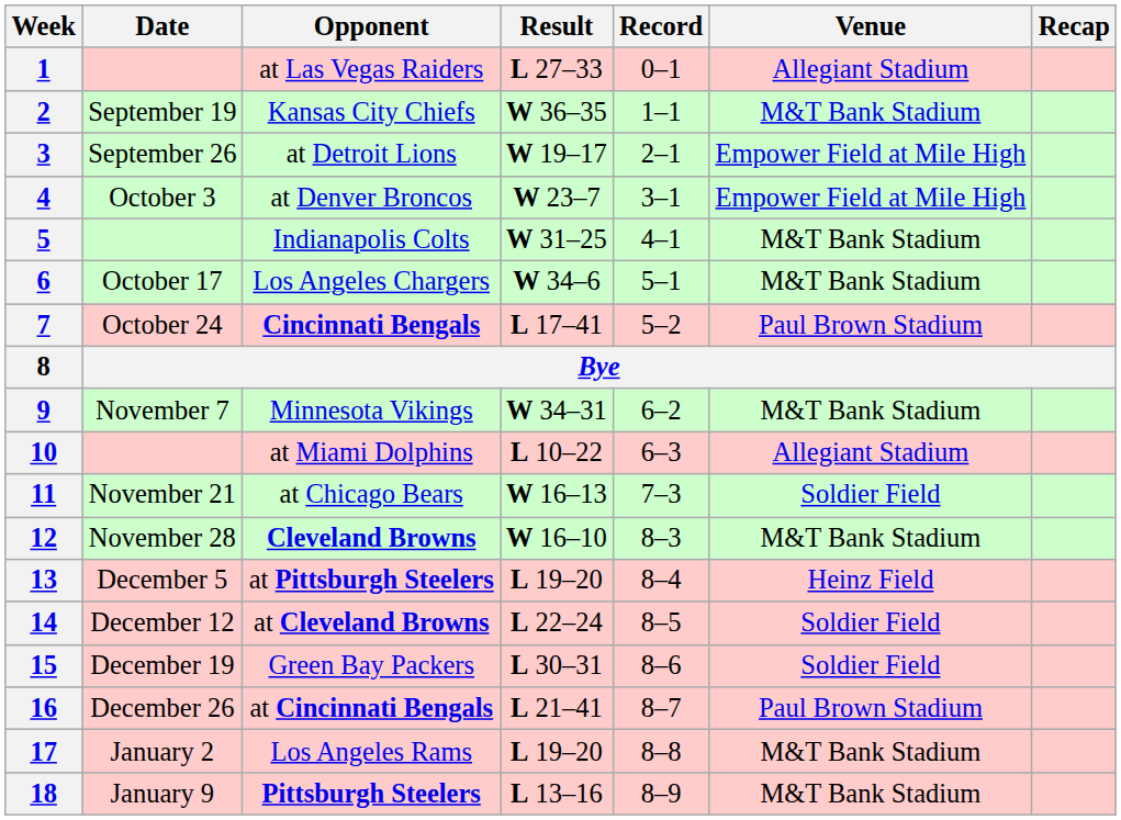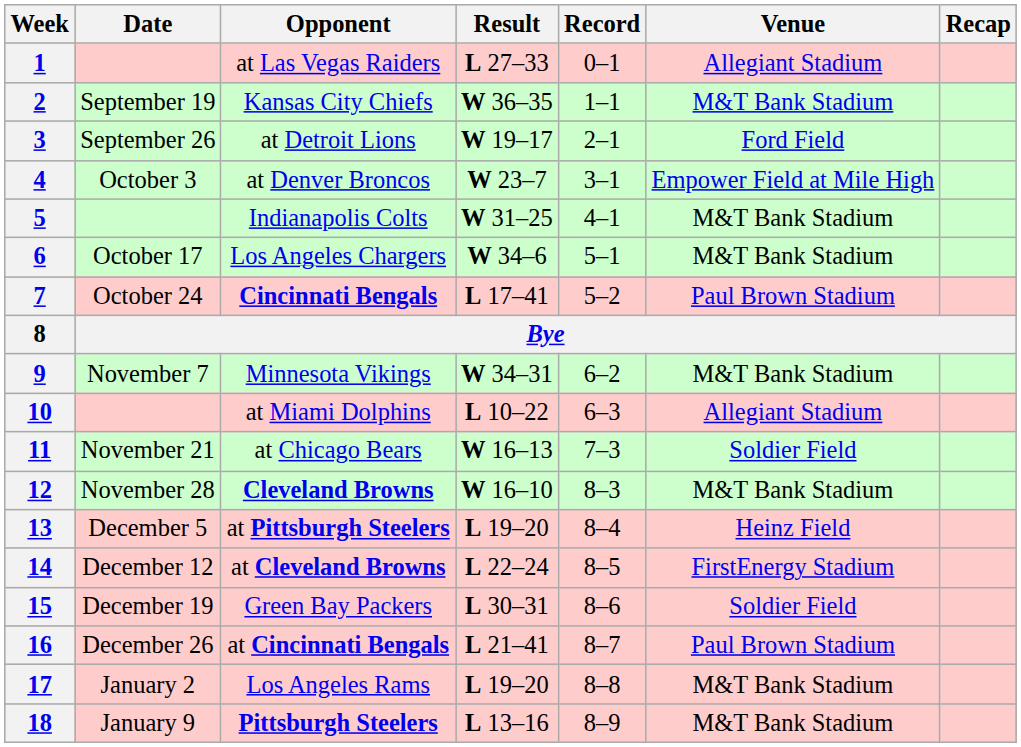 <table class="wikitable" style="text-align:center">
 <tr>
 <th>Week</th>
 <th>Date</th>
 <th>Opponent</th>
 <th>Result</th>
 <th>Record</th>
 <th>Venue</th>
 <th>Recap</th>
 </tr>
 <tr style="background:#fcc">
 <th><a href='#'>1</a></th>
 <td></td>
 <td>at <a href='#'>Las Vegas Raiders</a></td>
 <td><strong>L</strong> 27–33 </td>
 <td>0–1</td>
 <td><a href='#'>Allegiant Stadium</a></td>
 <td></td>
 </tr>
 <tr style="background:#cfc">
 <th><a href='#'>2</a></th>
 <td>September 19</td>
 <td><a href='#'>Kansas City Chiefs</a></td>
 <td><strong>W</strong> 36–35</td>
 <td>1–1</td>
 <td><a href='#'>M&T Bank Stadium</a></td>
 <td></td>
 </tr>
 <tr style="background:#cfc">
 <th><a href='#'>3</a></th>
 <td>September 26</td>
 <td>at <a href='#'>Detroit Lions</a></td>
 <td><strong>W</strong> 19–17</td>
 <td>2–1</td>
-<td><a href='#'>Empower Field at Mile High</a></td>
+<td><a href='#'>Ford Field</a></td>
 <td></td>
 </tr>
 <tr style="background:#cfc">
 <th><a href='#'>4</a></th>
 <td>October 3</td>
 <td>at <a href='#'>Denver Broncos</a></td>
 <td><strong>W</strong> 23–7</td>
 <td>3–1</td>
 <td><a href='#'>Empower Field at Mile High</a></td>
 <td></td>
 </tr>
 <tr style="background:#cfc">
 <th><a href='#'>5</a></th>
 <td></td>
 <td><a href='#'>Indianapolis Colts</a></td>
 <td><strong>W</strong> 31–25 </td>
 <td>4–1</td>
 <td>M&T Bank Stadium</td>
 <td></td>
 </tr>
 <tr style="background:#cfc">
 <th><a href='#'>6</a></th>
 <td>October 17</td>
 <td><a href='#'>Los Angeles Chargers</a></td>
 <td><strong>W</strong> 34–6</td>
 <td>5–1</td>
 <td>M&T Bank Stadium</td>
 <td></td>
 </tr>
 <tr style="background:#fcc">
 <th><a href='#'>7</a></th>
 <td>October 24</td>
 <td><strong><a href='#'>Cincinnati Bengals</a></strong></td>
 <td><strong>L</strong> 17–41</td>
 <td>5–2</td>
 <td><a href='#'>Paul Brown Stadium</a></td>
 <td></td>
 </tr>
 <tr>
 <th>8</th>
 <th colspan="6"><em><a href='#'>Bye</a></em></th>
 </tr>
 <tr style="background:#cfc">
 <th><a href='#'>9</a></th>
 <td>November 7</td>
 <td><a href='#'>Minnesota Vikings</a></td>
 <td><strong>W</strong> 34–31 </td>
 <td>6–2</td>
 <td>M&T Bank Stadium</td>
 <td></td>
 </tr>
 <tr style="background:#fcc">
 <th><a href='#'>10</a></th>
 <td></td>
 <td>at <a href='#'>Miami Dolphins</a></td>
 <td><strong>L</strong> 10–22</td>
 <td>6–3</td>
 <td><a href='#'>Allegiant Stadium</a></td>
 <td></td>
 </tr>
 <tr style="background:#cfc">
 <th><a href='#'>11</a></th>
 <td>November 21</td>
 <td>at <a href='#'>Chicago Bears</a></td>
 <td><strong>W</strong> 16–13</td>
 <td>7–3</td>
 <td><a href='#'>Soldier Field</a></td>
 <td></td>
 </tr>
 <tr style="background:#cfc">
 <th><a href='#'>12</a></th>
 <td>November 28</td>
 <td><strong><a href='#'>Cleveland Browns</a></strong></td>
 <td><strong>W</strong> 16–10</td>
 <td>8–3</td>
 <td>M&T Bank Stadium</td>
 <td></td>
 </tr>
 <tr style="background:#fcc">
 <th><a href='#'>13</a></th>
 <td>December 5</td>
 <td>at <strong><a href='#'>Pittsburgh Steelers</a></strong></td>
 <td><strong>L</strong> 19–20</td>
 <td>8–4</td>
 <td><a href='#'>Heinz Field</a></td>
 <td></td>
 </tr>
 <tr style="background:#fcc">
 <th><a href='#'>14</a></th>
 <td>December 12</td>
 <td>at <strong><a href='#'>Cleveland Browns</a></strong></td>
 <td><strong>L</strong> 22–24</td>
 <td>8–5</td>
-<td><a href='#'>Soldier Field</a></td>
+<td><a href='#'>FirstEnergy Stadium</a></td>
 <td></td>
 </tr>
 <tr style="background:#fcc">
 <th><a href='#'>15</a></th>
 <td>December 19</td>
 <td><a href='#'>Green Bay Packers</a></td>
 <td><strong>L</strong> 30–31</td>
 <td>8–6</td>
 <td><a href='#'>Soldier Field</a></td>
 <td></td>
 </tr>
 <tr style="background:#fcc">
 <th><a href='#'>16</a></th>
 <td>December 26</td>
 <td>at <strong><a href='#'>Cincinnati Bengals</a></strong></td>
 <td><strong>L</strong> 21–41</td>
 <td>8–7</td>
 <td><a href='#'>Paul Brown Stadium</a></td>
 <td></td>
 </tr>
 <tr style="background:#fcc">
 <th><a href='#'>17</a></th>
 <td>January 2</td>
 <td><a href='#'>Los Angeles Rams</a></td>
 <td><strong>L</strong> 19–20</td>
 <td>8–8</td>
 <td>M&T Bank Stadium</td>
 <td></td>
 </tr>
 <tr style="background:#fcc">
 <th><a href='#'>18</a></th>
 <td>January 9</td>
 <td><strong><a href='#'>Pittsburgh Steelers</a></strong></td>
 <td><strong>L</strong> 13–16 </td>
 <td>8–9</td>
 <td>M&T Bank Stadium</td>
 <td></td>
 </tr>
 </table>
